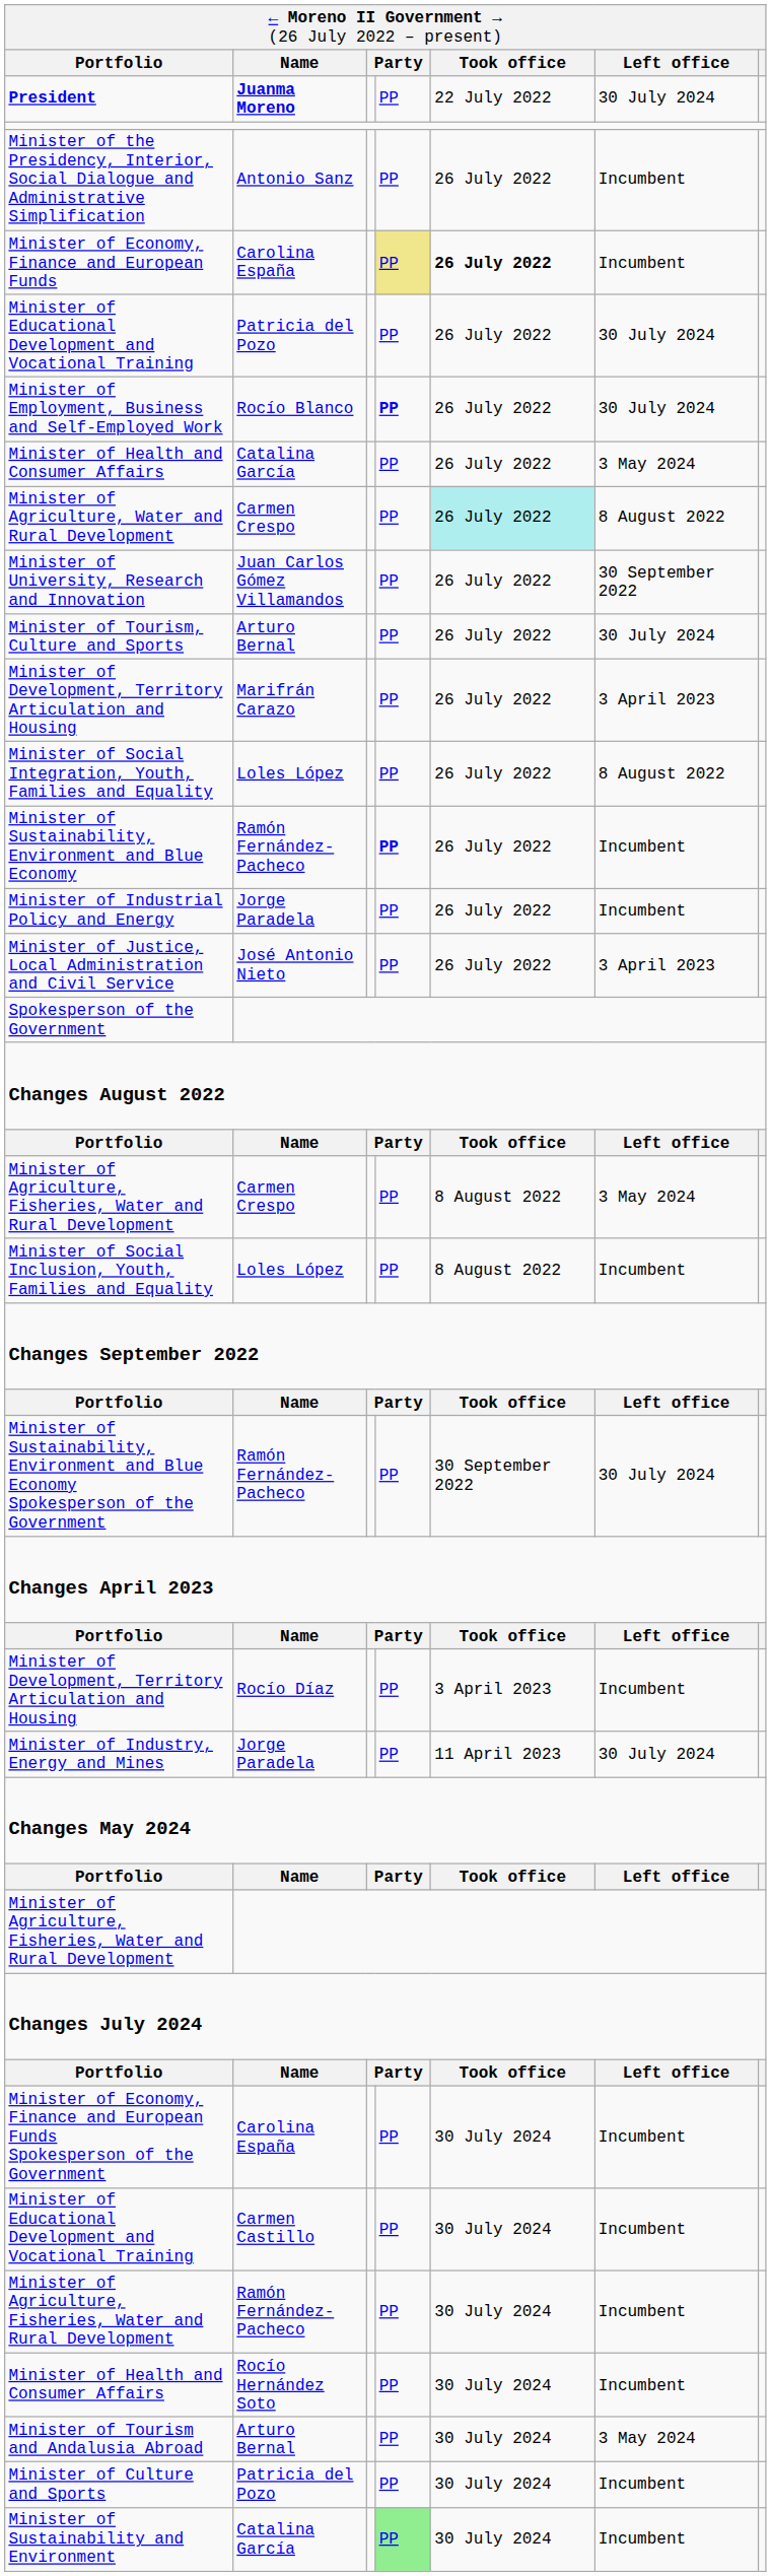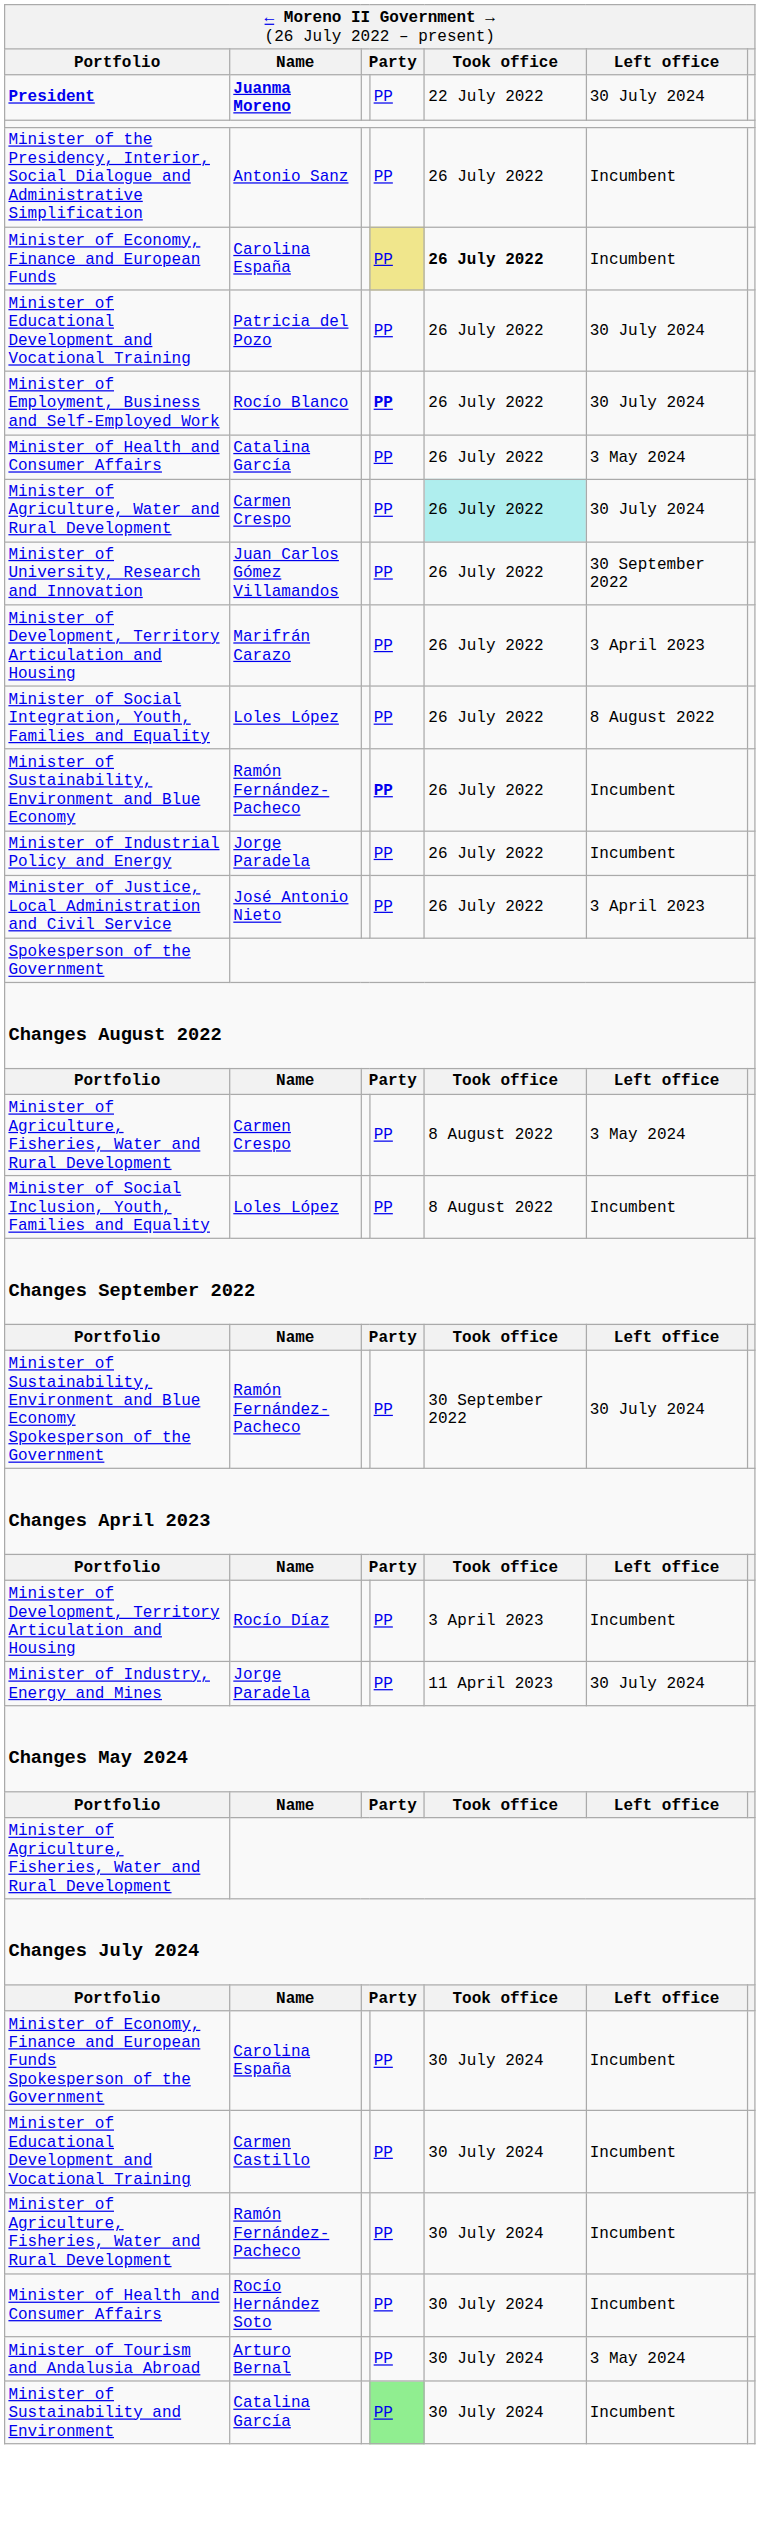 <table class="wikitable">
 <tr>
 <td colspan="7" bgcolor="#F2F2F2" align="center"><a href='#'>←</a> <strong>Moreno II Government</strong> →<br>(26 July 2022 – present)</td>
 </tr>
 <tr>
 <th>Portfolio</th>
 <th>Name</th>
 <th width="100px" colspan="2">Party</th>
 <th width="125px">Took office</th>
 <th width="125px">Left office</th>
 <th></th>
 </tr>
 <tr>
 <td><strong><a href='#'>President</a></strong></td>
 <td><strong><a href='#'>Juanma Moreno</a></strong></td>
 <td width="1" style="background-color:"></td>
 <td><a href='#'>PP</a></td>
 <td>22 July 2022</td>
 <td>30 July 2024</td>
 <td align="center"></td>
 </tr>
 <tr>
 <td colspan="7"></td>
 </tr>
 <tr>
 <td><a href='#'>Minister of the Presidency, Interior, Social Dialogue and Administrative Simplification</a></td>
 <td><a href='#'>Antonio Sanz</a></td>
 <td width="1" style="background-color:"></td>
 <td><a href='#'>PP</a></td>
 <td>26 July 2022</td>
 <td>Incumbent</td>
 <td align="center"></td>
 </tr>
 <tr>
 <td><a href='#'>Minister of Economy, Finance and European Funds</a></td>
 <td><a href='#'>Carolina España</a></td>
 <td style="background-color:"></td>
 <td style="background: khaki;"><a href='#'>PP</a></td>
 <td><strong>26 July 2022</strong></td>
 <td>Incumbent</td>
 <td align="center"></td>
 </tr>
 <tr>
 <td><a href='#'>Minister of Educational Development and Vocational Training</a></td>
 <td><a href='#'>Patricia del Pozo</a></td>
 <td style="background-color:"></td>
 <td><a href='#'>PP</a></td>
 <td>26 July 2022</td>
 <td>30 July 2024</td>
 <td align="center"></td>
 </tr>
 <tr>
 <td><a href='#'>Minister of Employment, Business and Self-Employed Work</a></td>
 <td><a href='#'>Rocío Blanco</a></td>
 <td style="background-color:"></td>
 <td><strong><a href='#'>PP</a> </strong></td>
 <td>26 July 2022</td>
 <td>30 July 2024</td>
 <td align="center"></td>
 </tr>
 <tr>
 <td><a href='#'>Minister of Health and Consumer Affairs</a></td>
 <td><a href='#'>Catalina García</a></td>
 <td style="background-color:"></td>
 <td><a href='#'>PP</a></td>
 <td>26 July 2022</td>
 <td>3 May 2024</td>
 <td align="center"></td>
 </tr>
 <tr>
 <td><a href='#'>Minister of Agriculture, Water and Rural Development</a></td>
 <td><a href='#'>Carmen Crespo</a></td>
 <td style="background-color:"></td>
 <td><a href='#'>PP</a></td>
 <td style="background: paleturquoise;">26 July 2022</td>
-<td>8 August 2022</td>
+<td>30 July 2024</td>
 <td align="center"></td>
 </tr>
 <tr>
 <td><a href='#'>Minister of University, Research and Innovation</a></td>
 <td><a href='#'>Juan Carlos Gómez Villamandos</a></td>
 <td style="background-color:"></td>
 <td><a href='#'>PP</a> </td>
 <td>26 July 2022</td>
 <td>30 September 2022</td>
-<td align="center"></td>
-</tr>
-<tr>
-<td><a href='#'>Minister of Tourism, Culture and Sports</a></td>
-<td><a href='#'>Arturo Bernal</a></td>
-<td style="background-color:"></td>
-<td><a href='#'>PP</a> </td>
-<td>26 July 2022</td>
-<td>30 July 2024</td>
 <td align="center"></td>
 </tr>
 <tr>
 <td><a href='#'>Minister of Development, Territory Articulation and Housing</a></td>
 <td><a href='#'>Marifrán Carazo</a></td>
 <td style="background-color:"></td>
 <td><a href='#'>PP</a></td>
 <td>26 July 2022</td>
 <td>3 April 2023</td>
 <td align="center"></td>
 </tr>
 <tr>
 <td><a href='#'>Minister of Social Integration, Youth, Families and Equality</a></td>
 <td><a href='#'>Loles López</a></td>
 <td style="background-color:"></td>
 <td><a href='#'>PP</a></td>
 <td>26 July 2022</td>
 <td>8 August 2022</td>
 <td align="center"></td>
 </tr>
 <tr>
 <td><a href='#'>Minister of Sustainability, Environment and Blue Economy</a></td>
 <td><a href='#'>Ramón Fernández-Pacheco</a></td>
 <td style="background-color:"></td>
 <td><strong><a href='#'>PP</a></strong></td>
 <td>26 July 2022</td>
 <td>Incumbent</td>
 <td align="center"></td>
 </tr>
 <tr>
 <td><a href='#'>Minister of Industrial Policy and Energy</a></td>
 <td><a href='#'>Jorge Paradela</a></td>
 <td style="background-color:"></td>
 <td><a href='#'>PP</a> </td>
 <td>26 July 2022</td>
 <td>Incumbent</td>
 <td align="center"></td>
 </tr>
 <tr>
 <td><a href='#'>Minister of Justice, Local Administration and Civil Service</a></td>
 <td><a href='#'>José Antonio Nieto</a></td>
 <td style="background-color:"></td>
 <td><a href='#'>PP</a></td>
 <td>26 July 2022</td>
 <td>3 April 2023</td>
 <td align="center"></td>
 </tr>
 <tr>
 <td><a href='#'>Spokesperson of the Government</a></td>
 <td colspan="6"></td>
 </tr>
 <tr>
 <td colspan="7"><br><h3>Changes August 2022</h3></td>
 </tr>
 <tr>
 <th>Portfolio</th>
 <th>Name</th>
 <th colspan="2">Party</th>
 <th>Took office</th>
 <th>Left office</th>
 <th></th>
 </tr>
 <tr>
 <td><a href='#'>Minister of Agriculture, Fisheries, Water and Rural Development</a></td>
 <td><a href='#'>Carmen Crespo</a></td>
 <td style="background-color:"></td>
 <td><a href='#'>PP</a></td>
 <td>8 August 2022</td>
 <td>3 May 2024</td>
 <td align="center"></td>
 </tr>
 <tr>
 <td><a href='#'>Minister of Social Inclusion, Youth, Families and Equality</a></td>
 <td><a href='#'>Loles López</a></td>
 <td style="background-color:"></td>
 <td><a href='#'>PP</a></td>
 <td>8 August 2022</td>
 <td>Incumbent</td>
 <td align="center"></td>
 </tr>
 <tr>
 <td colspan="7"><br><h3>Changes September 2022</h3></td>
 </tr>
 <tr>
 <th>Portfolio</th>
 <th>Name</th>
 <th colspan="2">Party</th>
 <th>Took office</th>
 <th>Left office</th>
 <th></th>
 </tr>
 <tr>
 <td><a href='#'>Minister of Sustainability, Environment and Blue Economy</a><br><a href='#'>Spokesperson of the Government</a></td>
 <td><a href='#'>Ramón Fernández-Pacheco</a></td>
 <td style="background-color:"></td>
 <td><a href='#'>PP</a></td>
 <td>30 September 2022</td>
 <td>30 July 2024</td>
 <td align="center"></td>
 </tr>
 <tr>
 <td colspan="7"><br><h3>Changes April 2023</h3></td>
 </tr>
 <tr>
 <th>Portfolio</th>
 <th>Name</th>
 <th colspan="2">Party</th>
 <th>Took office</th>
 <th>Left office</th>
 <th></th>
 </tr>
 <tr>
 <td><a href='#'>Minister of Development, Territory Articulation and Housing</a></td>
 <td><a href='#'>Rocío Díaz</a></td>
 <td style="background-color:"></td>
 <td><a href='#'>PP</a></td>
 <td>3 April 2023</td>
 <td>Incumbent</td>
 <td align="center"></td>
 </tr>
 <tr>
 <td><a href='#'>Minister of Industry, Energy and Mines</a></td>
 <td><a href='#'>Jorge Paradela</a></td>
 <td style="background-color:"></td>
 <td><a href='#'>PP</a> </td>
 <td>11 April 2023</td>
 <td>30 July 2024</td>
 <td align="center"></td>
 </tr>
 <tr>
 <td colspan="7"><br><h3>Changes May 2024</h3></td>
 </tr>
 <tr>
 <th>Portfolio</th>
 <th>Name</th>
 <th colspan="2">Party</th>
 <th>Took office</th>
 <th>Left office</th>
 <th></th>
 </tr>
 <tr>
 <td><a href='#'>Minister of Agriculture, Fisheries, Water and Rural Development</a></td>
 <td colspan="6"></td>
 </tr>
 <tr>
 <td colspan="7"><br><h3>Changes July 2024</h3></td>
 </tr>
 <tr>
 <th>Portfolio</th>
 <th>Name</th>
 <th colspan="2">Party</th>
 <th>Took office</th>
 <th>Left office</th>
 <th></th>
 </tr>
 <tr>
 <td><a href='#'>Minister of Economy, Finance and European Funds</a><br><a href='#'>Spokesperson of the Government</a></td>
 <td><a href='#'>Carolina España</a></td>
 <td style="background-color:"></td>
 <td><a href='#'>PP</a></td>
 <td>30 July 2024</td>
 <td>Incumbent</td>
 <td align="center"></td>
 </tr>
 <tr>
 <td><a href='#'>Minister of Educational Development and Vocational Training</a></td>
 <td><a href='#'>Carmen Castillo</a></td>
 <td style="background-color:"></td>
 <td><a href='#'>PP</a> </td>
 <td>30 July 2024</td>
 <td>Incumbent</td>
 <td align="center"></td>
 </tr>
 <tr>
 <td><a href='#'>Minister of Agriculture, Fisheries, Water and Rural Development</a></td>
 <td><a href='#'>Ramón Fernández-Pacheco</a></td>
 <td style="background-color:"></td>
 <td><a href='#'>PP</a></td>
 <td>30 July 2024</td>
 <td>Incumbent</td>
 <td align="center"></td>
 </tr>
 <tr>
 <td><a href='#'>Minister of Health and Consumer Affairs</a></td>
 <td><a href='#'>Rocío Hernández Soto</a></td>
 <td style="background-color:"></td>
 <td><a href='#'>PP</a> </td>
 <td>30 July 2024</td>
 <td>Incumbent</td>
 <td align="center"></td>
 </tr>
 <tr>
 <td><a href='#'>Minister of Tourism and Andalusia Abroad</a></td>
 <td><a href='#'>Arturo Bernal</a></td>
 <td style="background-color:"></td>
 <td><a href='#'>PP</a> </td>
 <td>30 July 2024</td>
 <td>3 May 2024</td>
 <td align="center"></td>
 </tr>
 <tr>
-<td><a href='#'>Minister of Culture and Sports</a></td>
-<td><a href='#'>Patricia del Pozo</a></td>
-<td style="background-color:"></td>
-<td><a href='#'>PP</a></td>
-<td>30 July 2024</td>
-<td>Incumbent</td>
-<td align="center"></td>
-</tr>
-<tr>
 <td><a href='#'>Minister of Sustainability and Environment</a></td>
 <td><a href='#'>Catalina García</a></td>
 <td style="background-color:"></td>
 <td style="background: lightgreen;"><a href='#'>PP</a></td>
 <td>30 July 2024</td>
 <td>Incumbent</td>
 <td align="center"></td>
 </tr>
 </table>
